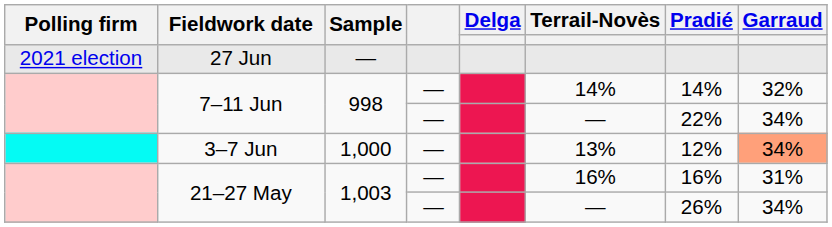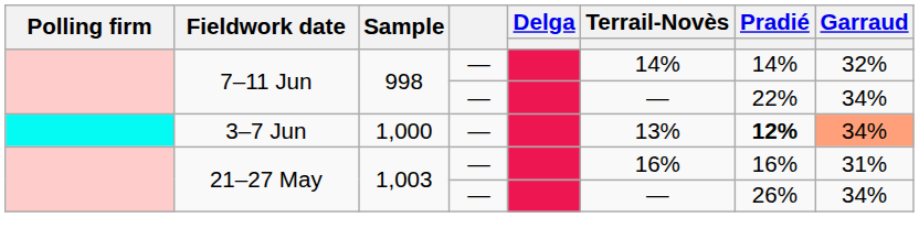 <table class="wikitable" style="text-align:center;font-size:90%;line-height:14px;">
 <tr>
 <th rowspan="2" style="width:100px;">Polling firm</th>
 <th rowspan="2" style="width:110px;">Fieldwork date</th>
 <th rowspan="2" style="width:35px;">Sample</th>
 <th rowspan="2" style="width:30px;"></th>
 <th><a href='#'>Delga</a><br></th>
 <th>Terrail-Novès<br></th>
 <th><a href='#'>Pradié</a><br></th>
 <th><a href='#'>Garraud</a><br></th>
 </tr>
 <tr>
 <th style="background:"></th>
 <th style="background:"></th>
 <th style="background:"></th>
 <th style="background:"></th>
-</tr>
-<tr style="background:#E9E9E9;">
-<td><a href='#'>2021 election</a></td>
-<td data-sort-value="2021-06-27">27 Jun</td>
-<td>—</td>
-<td></td>
-<td></td>
-<td></td>
-<td></td>
-<td></td>
 </tr>
 <tr>
 <td rowspan=2 style="background:#FFCCCC;"></td>
 <td rowspan=2>7–11 Jun</td>
 <td rowspan=2>998</td>
 <td>—</td>
 <td style="background:#ED1651;"><strong></strong></td>
 <td>14%</td>
 <td>14%</td>
 <td>32%</td>
 </tr>
 <tr>
 <td>—</td>
 <td style="background:#ED1651;"><strong></strong></td>
 <td>—</td>
 <td>22%</td>
 <td>34%</td>
 </tr>
 <tr>
 <td style="background:#04FBF4;"></td>
 <td>3–7 Jun</td>
 <td>1,000</td>
 <td>—</td>
 <td style="background:#ED1651;"><strong></strong></td>
 <td>13%</td>
-<td>12%</td>
+<td><strong>12%</strong></td>
 <td style="background: lightsalmon;">34%</td>
 </tr>
 <tr>
 <td rowspan="2" style="background:#FFCCCC;"></td>
 <td rowspan="2">21–27 May</td>
 <td rowspan="2">1,003</td>
 <td>—</td>
 <td style="background:#ED1651;"><strong></strong></td>
 <td>16%</td>
 <td>16%</td>
 <td>31%</td>
 </tr>
 <tr>
 <td>—</td>
 <td style="background:#ED1651;"><strong></strong></td>
 <td>—</td>
 <td>26%</td>
 <td>34%</td>
 </tr>
 </table>
